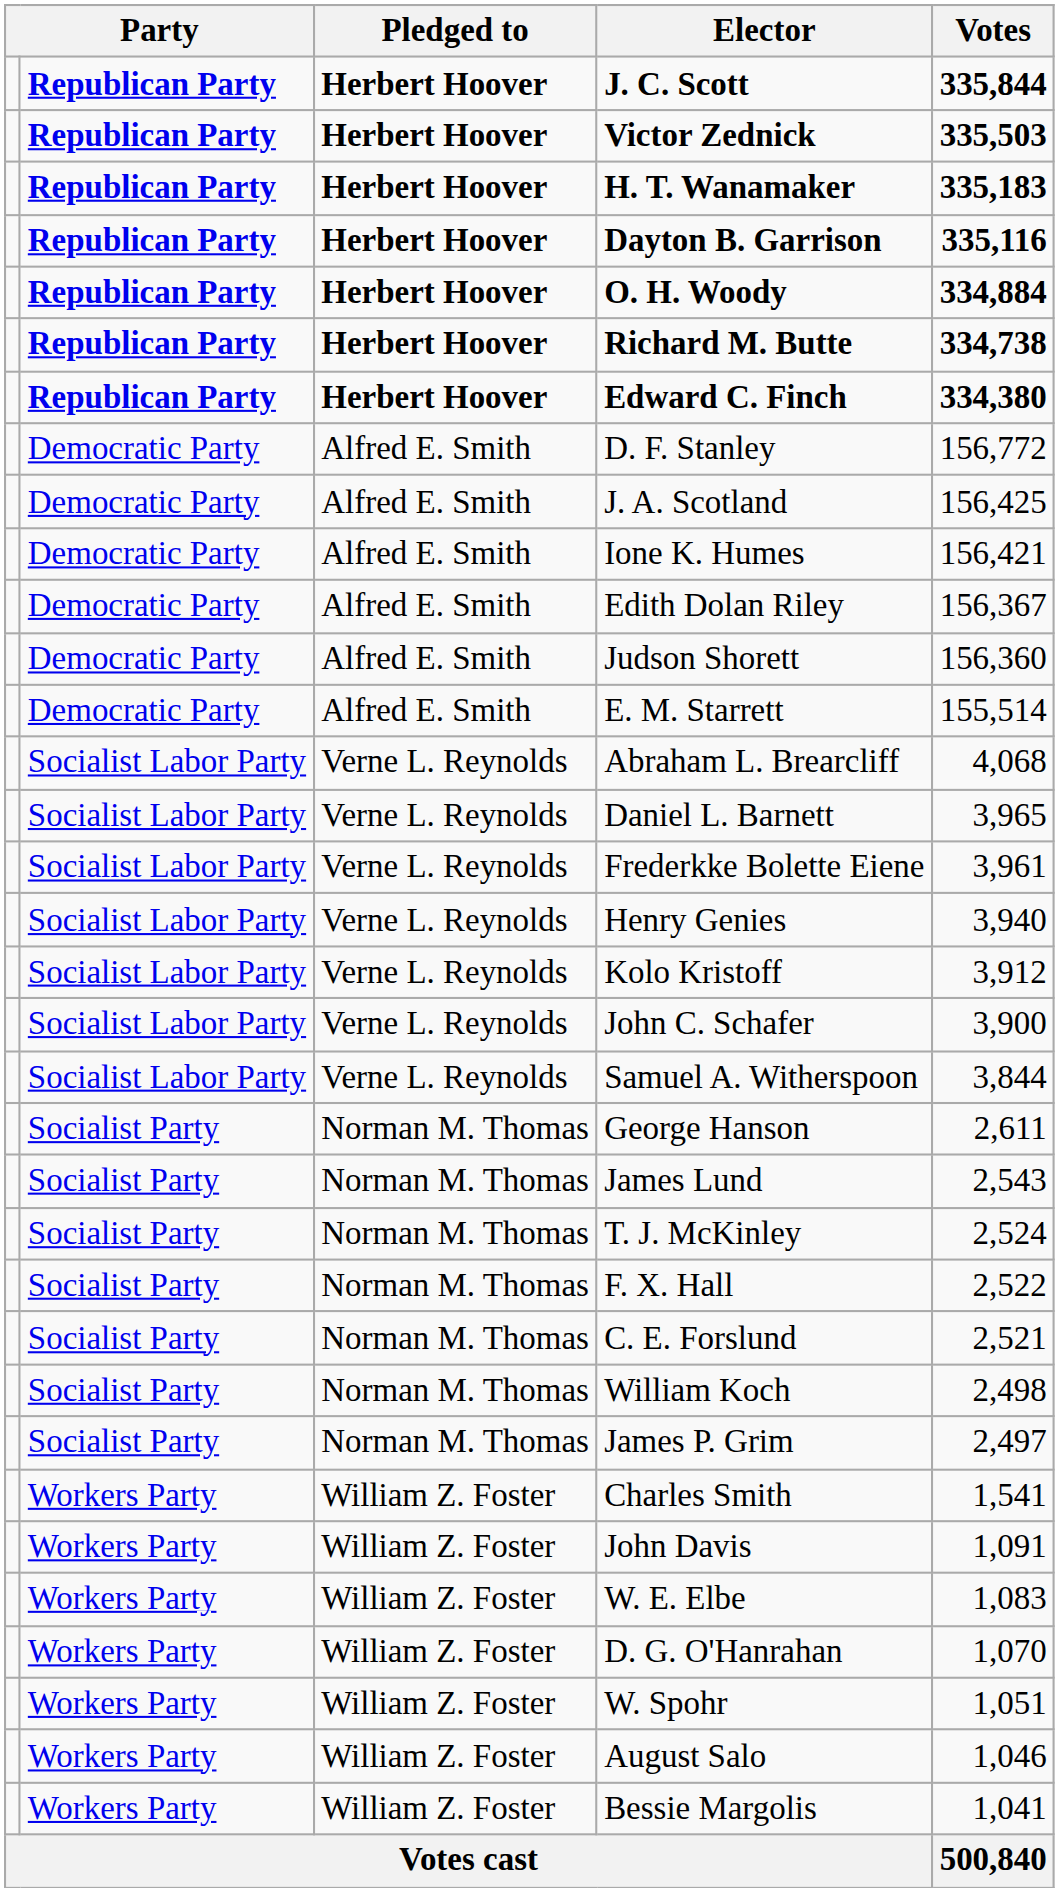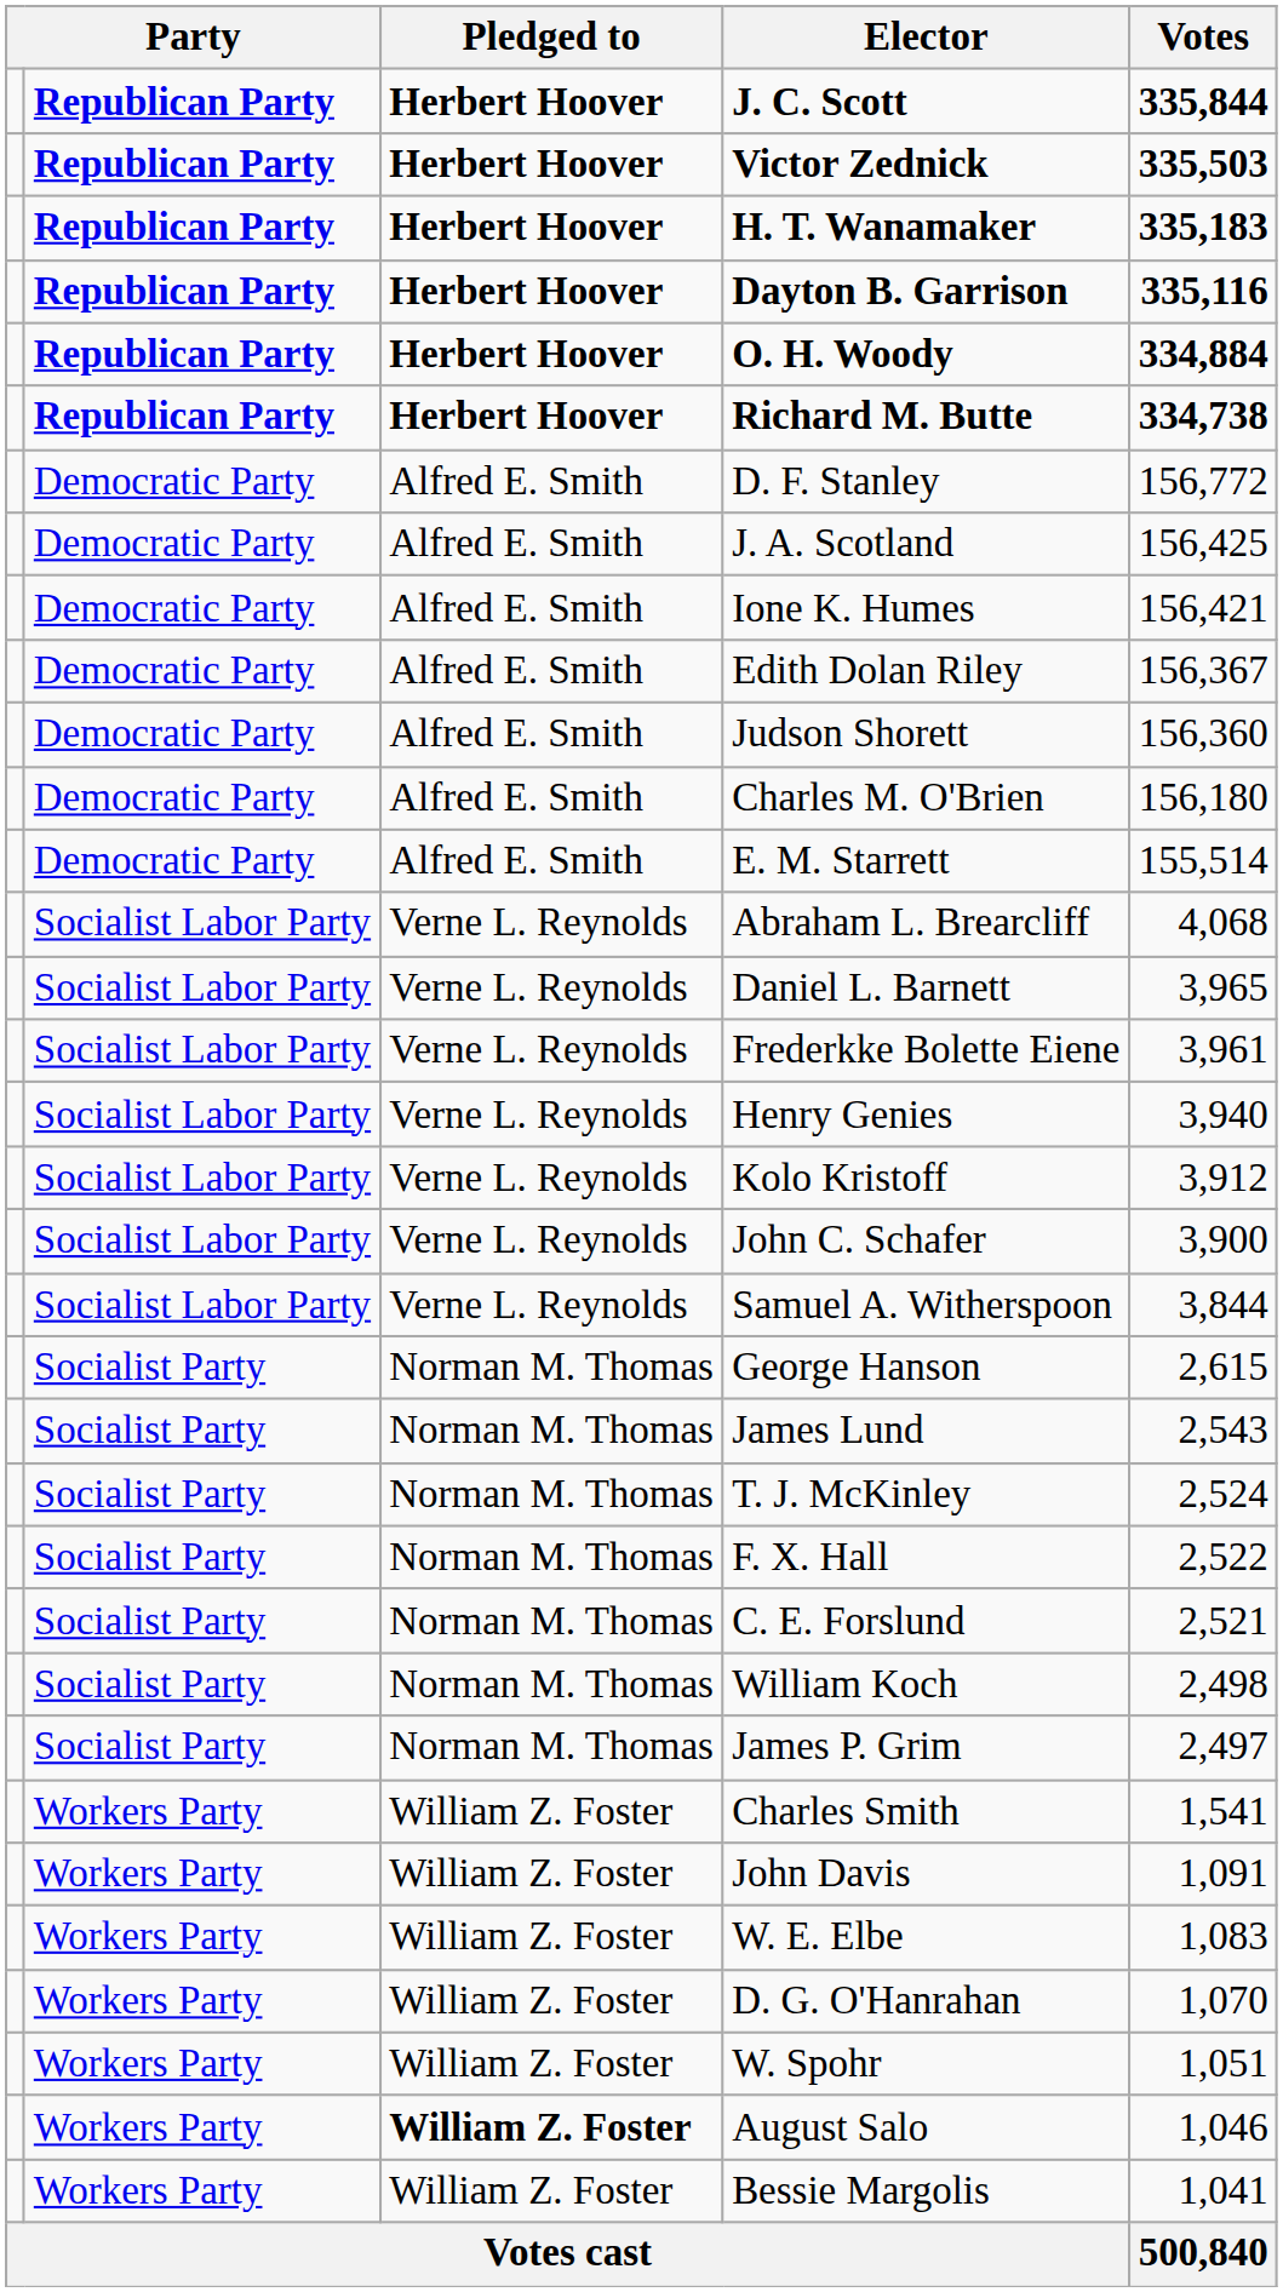 <table class="wikitable">
 <tr>
 <th colspan=2>Party</th>
 <th>Pledged to</th>
 <th>Elector</th>
 <th>Votes</th>
 </tr>
 <tr style="font-weight:bold">
 <td></td>
 <td><a href='#'>Republican Party</a></td>
 <td>Herbert Hoover</td>
 <td>J. C. Scott</td>
 <td align="right">335,844</td>
 </tr>
 <tr style="font-weight:bold">
 <td></td>
 <td><a href='#'>Republican Party</a></td>
 <td>Herbert Hoover</td>
 <td>Victor Zednick</td>
 <td align="right">335,503</td>
 </tr>
 <tr style="font-weight:bold">
 <td></td>
 <td><a href='#'>Republican Party</a></td>
 <td>Herbert Hoover</td>
 <td>H. T. Wanamaker</td>
 <td align="right">335,183</td>
 </tr>
 <tr style="font-weight:bold">
 <td></td>
 <td><a href='#'>Republican Party</a></td>
 <td>Herbert Hoover</td>
 <td>Dayton B. Garrison</td>
 <td align="right">335,116</td>
 </tr>
 <tr style="font-weight:bold">
 <td></td>
 <td><a href='#'>Republican Party</a></td>
 <td>Herbert Hoover</td>
 <td>O. H. Woody</td>
 <td align="right">334,884</td>
 </tr>
 <tr style="font-weight:bold">
 <td></td>
 <td><a href='#'>Republican Party</a></td>
 <td>Herbert Hoover</td>
 <td>Richard M. Butte</td>
 <td align="right">334,738</td>
 </tr>
-<tr style="font-weight:bold">
-<td></td>
-<td><a href='#'>Republican Party</a></td>
-<td>Herbert Hoover</td>
-<td>Edward C. Finch</td>
-<td align="right">334,380</td>
-</tr>
 <tr>
 <td></td>
 <td><a href='#'>Democratic Party</a></td>
 <td>Alfred E. Smith</td>
 <td>D. F. Stanley</td>
 <td align="right">156,772</td>
 </tr>
 <tr>
 <td></td>
 <td><a href='#'>Democratic Party</a></td>
 <td>Alfred E. Smith</td>
 <td>J. A. Scotland</td>
 <td align="right">156,425</td>
 </tr>
 <tr>
 <td></td>
 <td><a href='#'>Democratic Party</a></td>
 <td>Alfred E. Smith</td>
 <td>Ione K. Humes</td>
 <td align="right">156,421</td>
 </tr>
 <tr>
 <td></td>
 <td><a href='#'>Democratic Party</a></td>
 <td>Alfred E. Smith</td>
 <td>Edith Dolan Riley</td>
 <td align="right">156,367</td>
 </tr>
 <tr>
 <td></td>
 <td><a href='#'>Democratic Party</a></td>
 <td>Alfred E. Smith</td>
 <td>Judson Shorett</td>
 <td align="right">156,360</td>
+</tr>
+<tr>
+<td></td>
+<td><a href='#'>Democratic Party</a></td>
+<td>Alfred E. Smith</td>
+<td>Charles M. O'Brien</td>
+<td align="right">156,180</td>
 </tr>
 <tr>
 <td></td>
 <td><a href='#'>Democratic Party</a></td>
 <td>Alfred E. Smith</td>
 <td>E. M. Starrett</td>
 <td align="right">155,514</td>
 </tr>
 <tr>
 <td></td>
 <td><a href='#'>Socialist Labor Party</a></td>
 <td>Verne L. Reynolds</td>
 <td>Abraham L. Brearcliff</td>
 <td align="right">4,068</td>
 </tr>
 <tr>
 <td></td>
 <td><a href='#'>Socialist Labor Party</a></td>
 <td>Verne L. Reynolds</td>
 <td>Daniel L. Barnett</td>
 <td align="right">3,965</td>
 </tr>
 <tr>
 <td></td>
 <td><a href='#'>Socialist Labor Party</a></td>
 <td>Verne L. Reynolds</td>
 <td>Frederkke Bolette Eiene</td>
 <td align="right">3,961</td>
 </tr>
 <tr>
 <td></td>
 <td><a href='#'>Socialist Labor Party</a></td>
 <td>Verne L. Reynolds</td>
 <td>Henry Genies</td>
 <td align="right">3,940</td>
 </tr>
 <tr>
 <td></td>
 <td><a href='#'>Socialist Labor Party</a></td>
 <td>Verne L. Reynolds</td>
 <td>Kolo Kristoff</td>
 <td align="right">3,912</td>
 </tr>
 <tr>
 <td></td>
 <td><a href='#'>Socialist Labor Party</a></td>
 <td>Verne L. Reynolds</td>
 <td>John C. Schafer</td>
 <td align="right">3,900</td>
 </tr>
 <tr>
 <td></td>
 <td><a href='#'>Socialist Labor Party</a></td>
 <td>Verne L. Reynolds</td>
 <td>Samuel A. Witherspoon</td>
 <td align="right">3,844</td>
 </tr>
 <tr>
 <td></td>
 <td><a href='#'>Socialist Party</a></td>
 <td>Norman M. Thomas</td>
 <td>George Hanson</td>
-<td align="right">2,611</td>
+<td align="right">2,615</td>
 </tr>
 <tr>
 <td></td>
 <td><a href='#'>Socialist Party</a></td>
 <td>Norman M. Thomas</td>
 <td>James Lund</td>
 <td align="right">2,543</td>
 </tr>
 <tr>
 <td></td>
 <td><a href='#'>Socialist Party</a></td>
 <td>Norman M. Thomas</td>
 <td>T. J. McKinley</td>
 <td align="right">2,524</td>
 </tr>
 <tr>
 <td></td>
 <td><a href='#'>Socialist Party</a></td>
 <td>Norman M. Thomas</td>
 <td>F. X. Hall</td>
 <td align="right">2,522</td>
 </tr>
 <tr>
 <td></td>
 <td><a href='#'>Socialist Party</a></td>
 <td>Norman M. Thomas</td>
 <td>C. E. Forslund</td>
 <td align="right">2,521</td>
 </tr>
 <tr>
 <td></td>
 <td><a href='#'>Socialist Party</a></td>
 <td>Norman M. Thomas</td>
 <td>William Koch</td>
 <td align="right">2,498</td>
 </tr>
 <tr>
 <td></td>
 <td><a href='#'>Socialist Party</a></td>
 <td>Norman M. Thomas</td>
 <td>James P. Grim</td>
 <td align="right">2,497</td>
 </tr>
 <tr>
 <td></td>
 <td><a href='#'>Workers Party</a></td>
 <td>William Z. Foster</td>
 <td>Charles Smith</td>
 <td align="right">1,541</td>
 </tr>
 <tr>
 <td></td>
 <td><a href='#'>Workers Party</a></td>
 <td>William Z. Foster</td>
 <td>John Davis</td>
 <td align="right">1,091</td>
 </tr>
 <tr>
 <td></td>
 <td><a href='#'>Workers Party</a></td>
 <td>William Z. Foster</td>
 <td>W. E. Elbe</td>
 <td align="right">1,083</td>
 </tr>
 <tr>
 <td></td>
 <td><a href='#'>Workers Party</a></td>
 <td>William Z. Foster</td>
 <td>D. G. O'Hanrahan</td>
 <td align="right">1,070</td>
 </tr>
 <tr>
 <td></td>
 <td><a href='#'>Workers Party</a></td>
 <td>William Z. Foster</td>
 <td>W. Spohr</td>
 <td align="right">1,051</td>
 </tr>
 <tr>
 <td></td>
 <td><a href='#'>Workers Party</a></td>
-<td>William Z. Foster</td>
+<td><strong>William Z. Foster</strong></td>
 <td>August Salo</td>
 <td align="right">1,046</td>
 </tr>
 <tr>
 <td></td>
 <td><a href='#'>Workers Party</a></td>
 <td>William Z. Foster</td>
 <td>Bessie Margolis</td>
 <td align="right">1,041</td>
 </tr>
 <tr>
 <th colspan="4">Votes cast</th>
 <th>500,840</th>
 </tr>
 </table>
